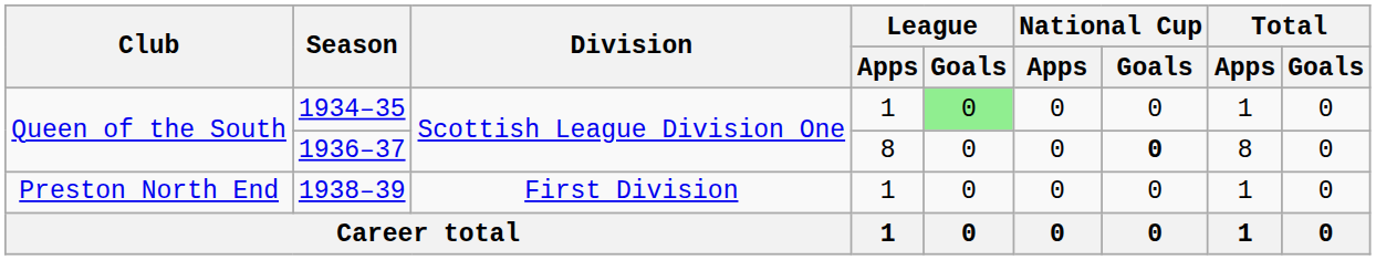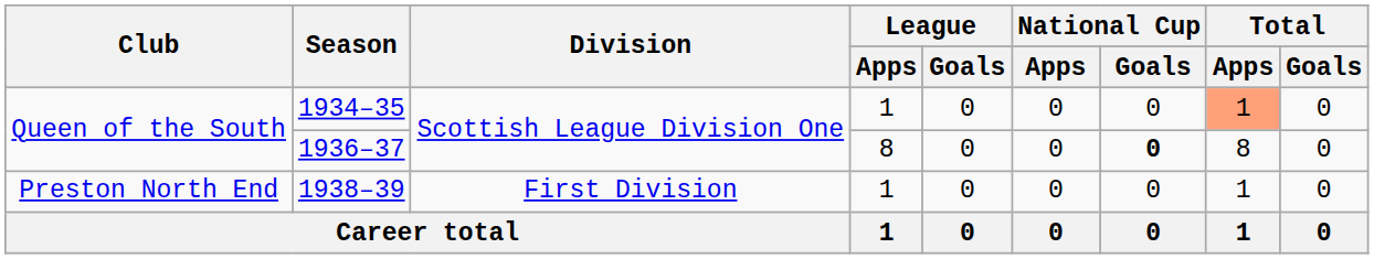 <table class="wikitable" style="text-align:center;">
 <tr>
 <th rowspan="2">Club</th>
 <th rowspan="2">Season</th>
 <th rowspan="2">Division</th>
 <th colspan="2">League</th>
 <th colspan="2">National Cup</th>
 <th colspan="2">Total</th>
 </tr>
 <tr>
 <th>Apps</th>
 <th>Goals</th>
 <th>Apps</th>
 <th>Goals</th>
 <th>Apps</th>
 <th>Goals</th>
 </tr>
 <tr>
 <td rowspan="2"><a href='#'>Queen of the South</a></td>
 <td><a href='#'>1934–35</a></td>
 <td rowspan="2"><a href='#'>Scottish League Division One</a></td>
 <td>1</td>
-<td style="background: lightgreen;">0</td>
 <td>0</td>
 <td>0</td>
-<td>1</td>
+<td>0</td>
+<td style="background: lightsalmon;">1</td>
 <td>0</td>
 </tr>
 <tr>
 <td><a href='#'>1936–37</a></td>
 <td>8</td>
 <td>0</td>
 <td>0</td>
 <td><strong>0</strong></td>
 <td>8</td>
 <td>0</td>
 </tr>
 <tr>
 <td><a href='#'>Preston North End</a></td>
 <td><a href='#'>1938–39</a></td>
 <td><a href='#'>First Division</a></td>
 <td>1</td>
 <td>0</td>
 <td>0</td>
 <td>0</td>
 <td>1</td>
 <td>0</td>
 </tr>
 <tr>
 <th colspan="3">Career total</th>
 <th>1</th>
 <th>0</th>
 <th>0</th>
 <th>0</th>
 <th>1</th>
 <th>0</th>
 </tr>
 </table>
